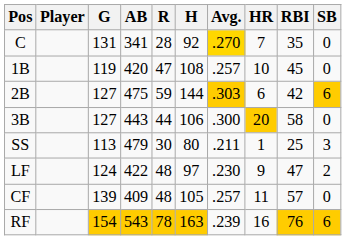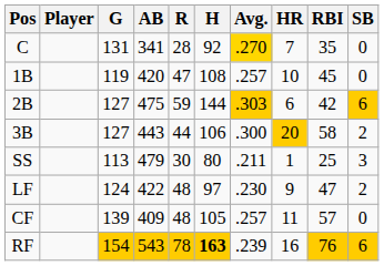 <table class="wikitable sortable">
 <tr>
 <th>Pos</th>
 <th>Player</th>
 <th>G</th>
 <th>AB</th>
 <th>R</th>
 <th>H</th>
 <th>Avg.</th>
 <th>HR</th>
 <th>RBI</th>
 <th>SB</th>
 </tr>
 <tr align="center">
 <td>C</td>
 <td></td>
 <td>131</td>
 <td>341</td>
 <td>28</td>
 <td>92</td>
 <td style="background: gold;">.270</td>
 <td>7</td>
 <td>35</td>
 <td>0</td>
 </tr>
 <tr align="center">
 <td>1B</td>
 <td></td>
 <td>119</td>
 <td>420</td>
 <td>47</td>
 <td>108</td>
 <td>.257</td>
 <td>10</td>
 <td>45</td>
 <td>0</td>
 </tr>
 <tr align="center">
 <td>2B</td>
 <td></td>
 <td>127</td>
 <td>475</td>
 <td>59</td>
 <td>144</td>
 <td bgcolor="#FFCC00">.303</td>
 <td>6</td>
 <td>42</td>
 <td bgcolor="#FFCC00">6</td>
 </tr>
 <tr align="center">
 <td>3B</td>
 <td></td>
 <td>127</td>
 <td>443</td>
 <td>44</td>
 <td>106</td>
 <td>.300</td>
 <td bgcolor="#FFCC00">20</td>
 <td>58</td>
-<td>0</td>
+<td>2</td>
 </tr>
 <tr align="center">
 <td>SS</td>
 <td></td>
 <td>113</td>
 <td>479</td>
 <td>30</td>
 <td>80</td>
 <td>.211</td>
 <td>1</td>
 <td>25</td>
 <td>3</td>
 </tr>
 <tr align="center">
 <td>LF</td>
 <td></td>
 <td>124</td>
 <td>422</td>
 <td>48</td>
 <td>97</td>
 <td>.230</td>
 <td>9</td>
 <td>47</td>
 <td>2</td>
 </tr>
 <tr align="center">
 <td>CF</td>
 <td></td>
 <td>139</td>
 <td>409</td>
 <td>48</td>
 <td>105</td>
 <td>.257</td>
 <td>11</td>
 <td>57</td>
 <td>0</td>
 </tr>
 <tr align="center">
 <td>RF</td>
 <td></td>
 <td bgcolor="#FFCC00">154</td>
 <td bgcolor="#FFCC00">543</td>
 <td bgcolor="#FFCC00">78</td>
-<td bgcolor="#FFCC00">163</td>
+<td bgcolor="#FFCC00"><strong>163</strong></td>
 <td>.239</td>
 <td>16</td>
 <td bgcolor="#FFCC00">76</td>
 <td bgcolor="#FFCC00">6</td>
 </tr>
 </table>
